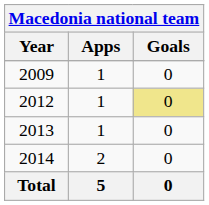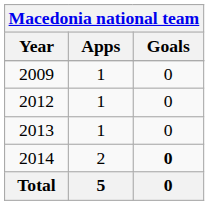 <table class="wikitable" style="text-align:center">
 <tr>
 <th colspan=3><a href='#'>Macedonia national team</a></th>
 </tr>
 <tr>
 <th>Year</th>
 <th>Apps</th>
 <th>Goals</th>
 </tr>
 <tr>
 </tr>
 <tr>
 <td>2009</td>
 <td>1</td>
 <td>0</td>
 </tr>
 <tr>
 <td>2012</td>
 <td>1</td>
-<td style="background: khaki;">0</td>
+<td>0</td>
 </tr>
 <tr>
 <td>2013</td>
 <td>1</td>
 <td>0</td>
 </tr>
 <tr>
 <td>2014</td>
 <td>2</td>
-<td>0</td>
+<td><strong>0</strong></td>
 </tr>
 <tr>
 <th>Total</th>
 <th>5</th>
 <th>0</th>
 </tr>
 </table>
